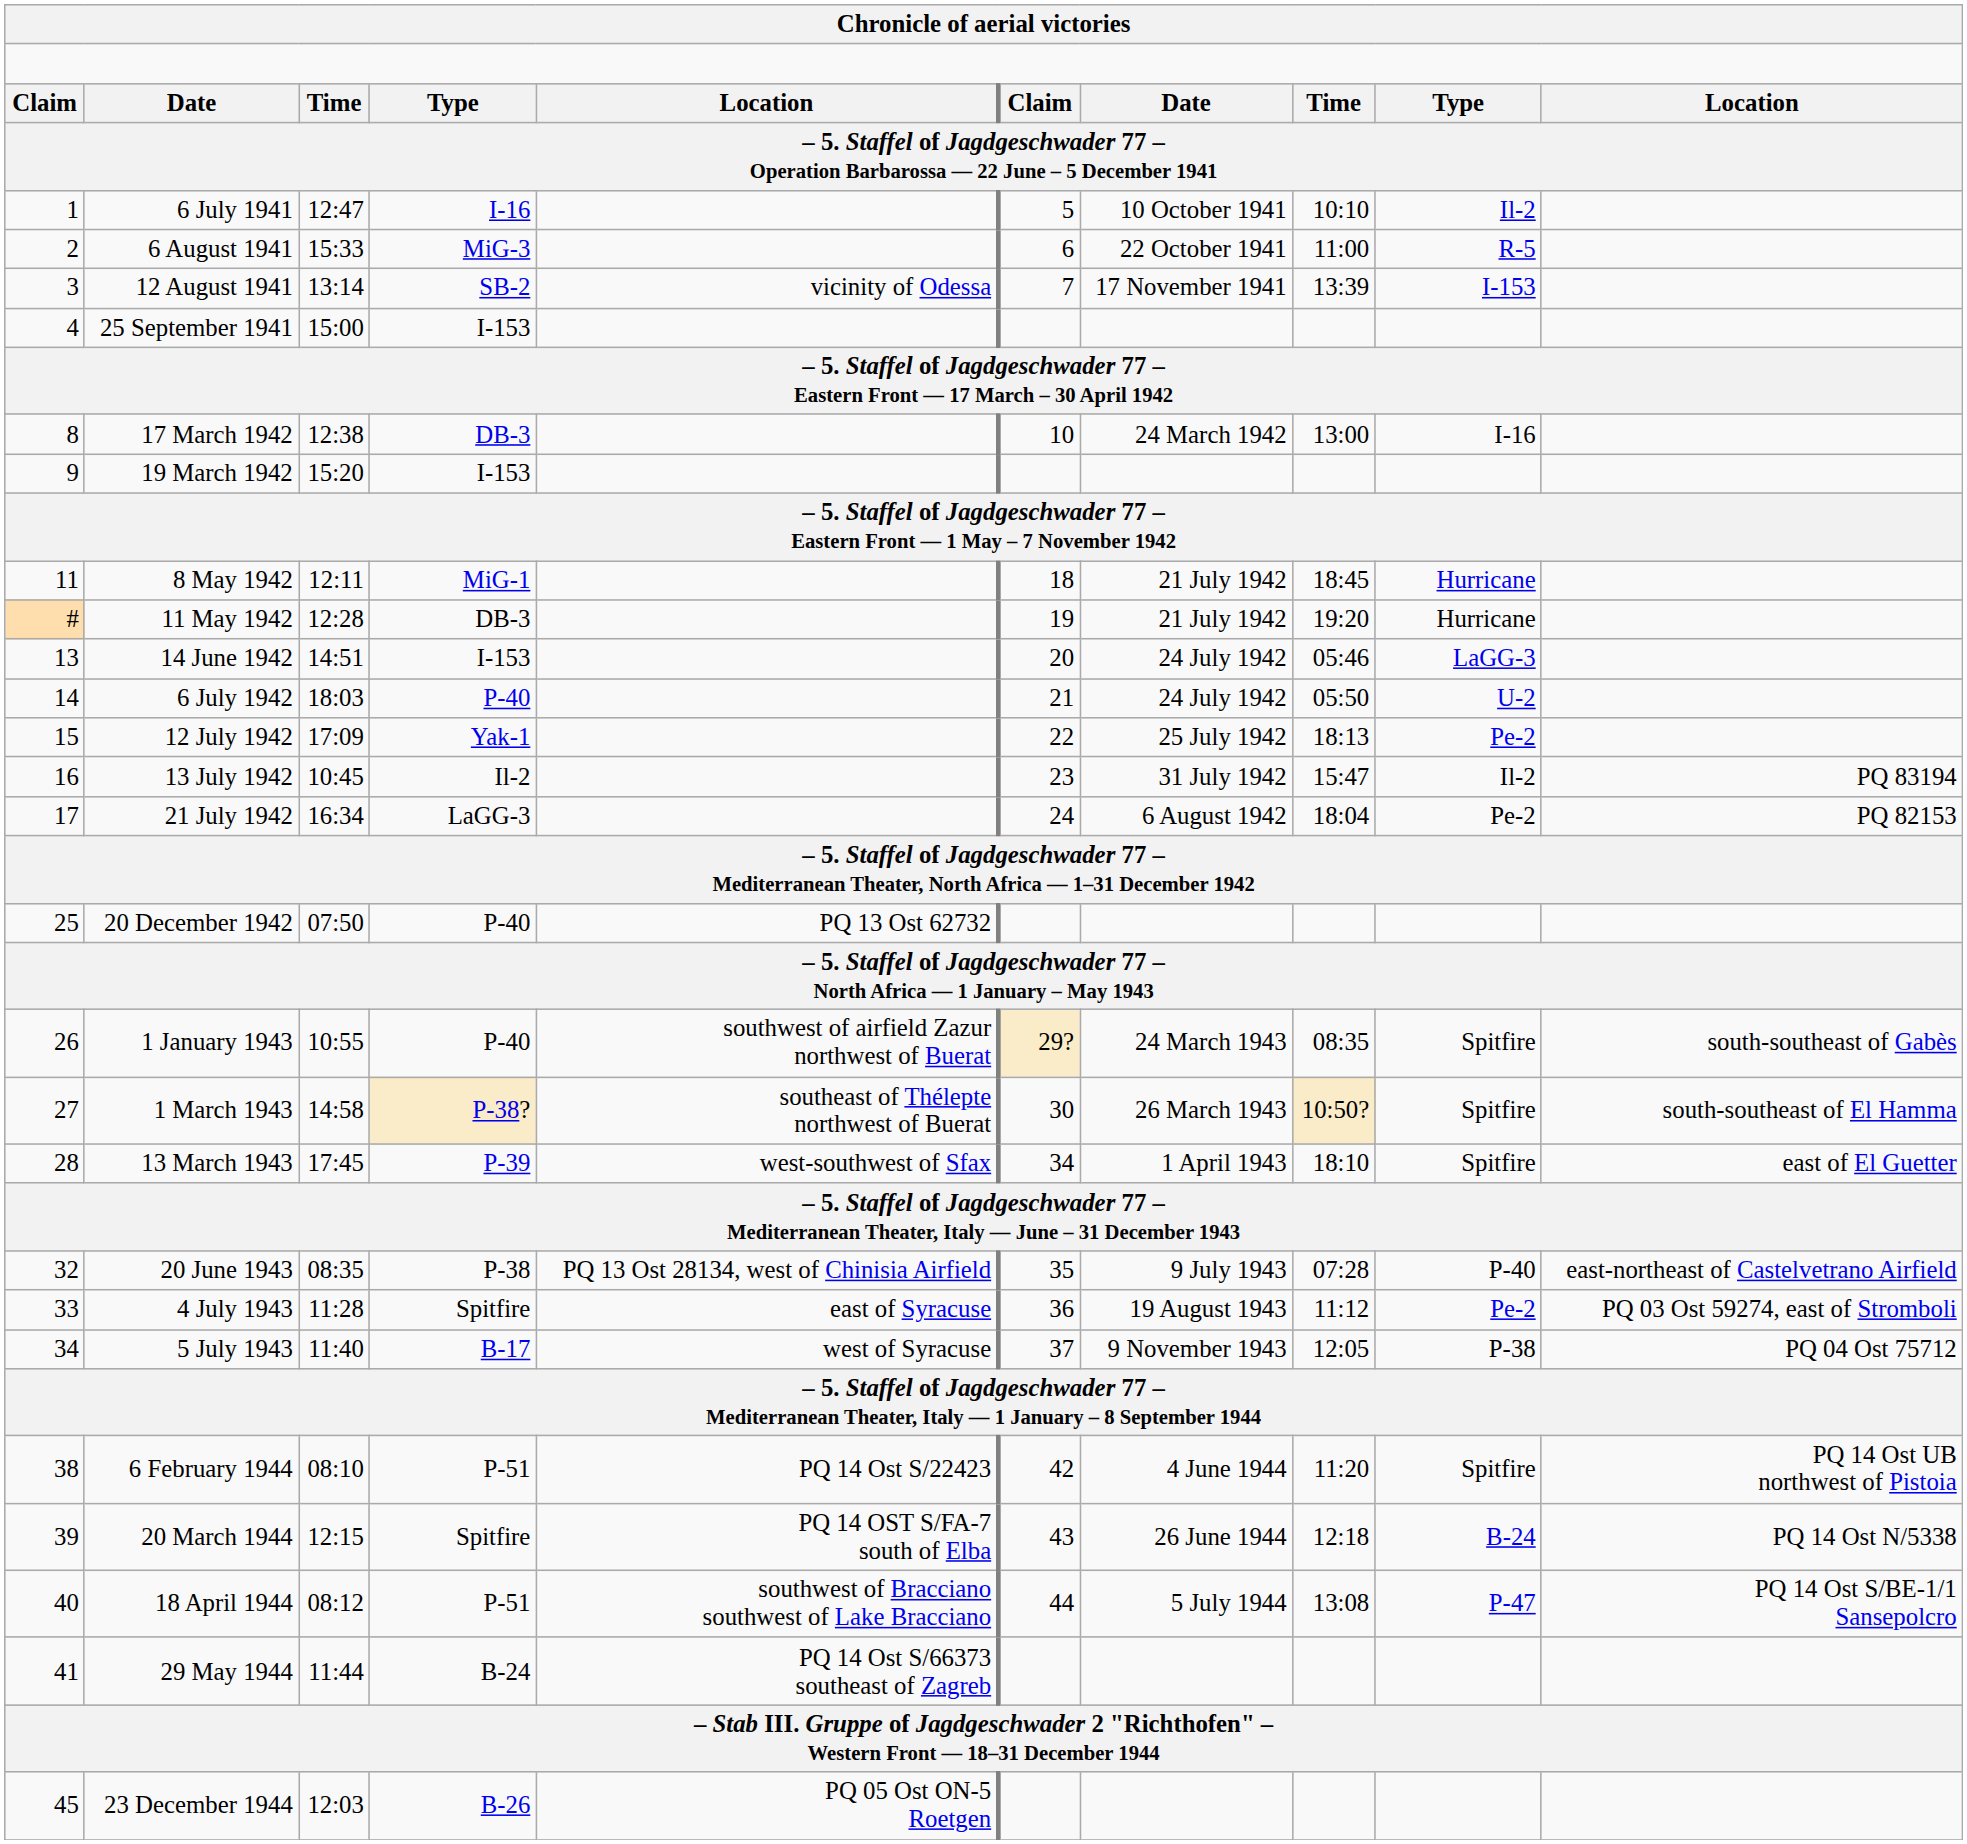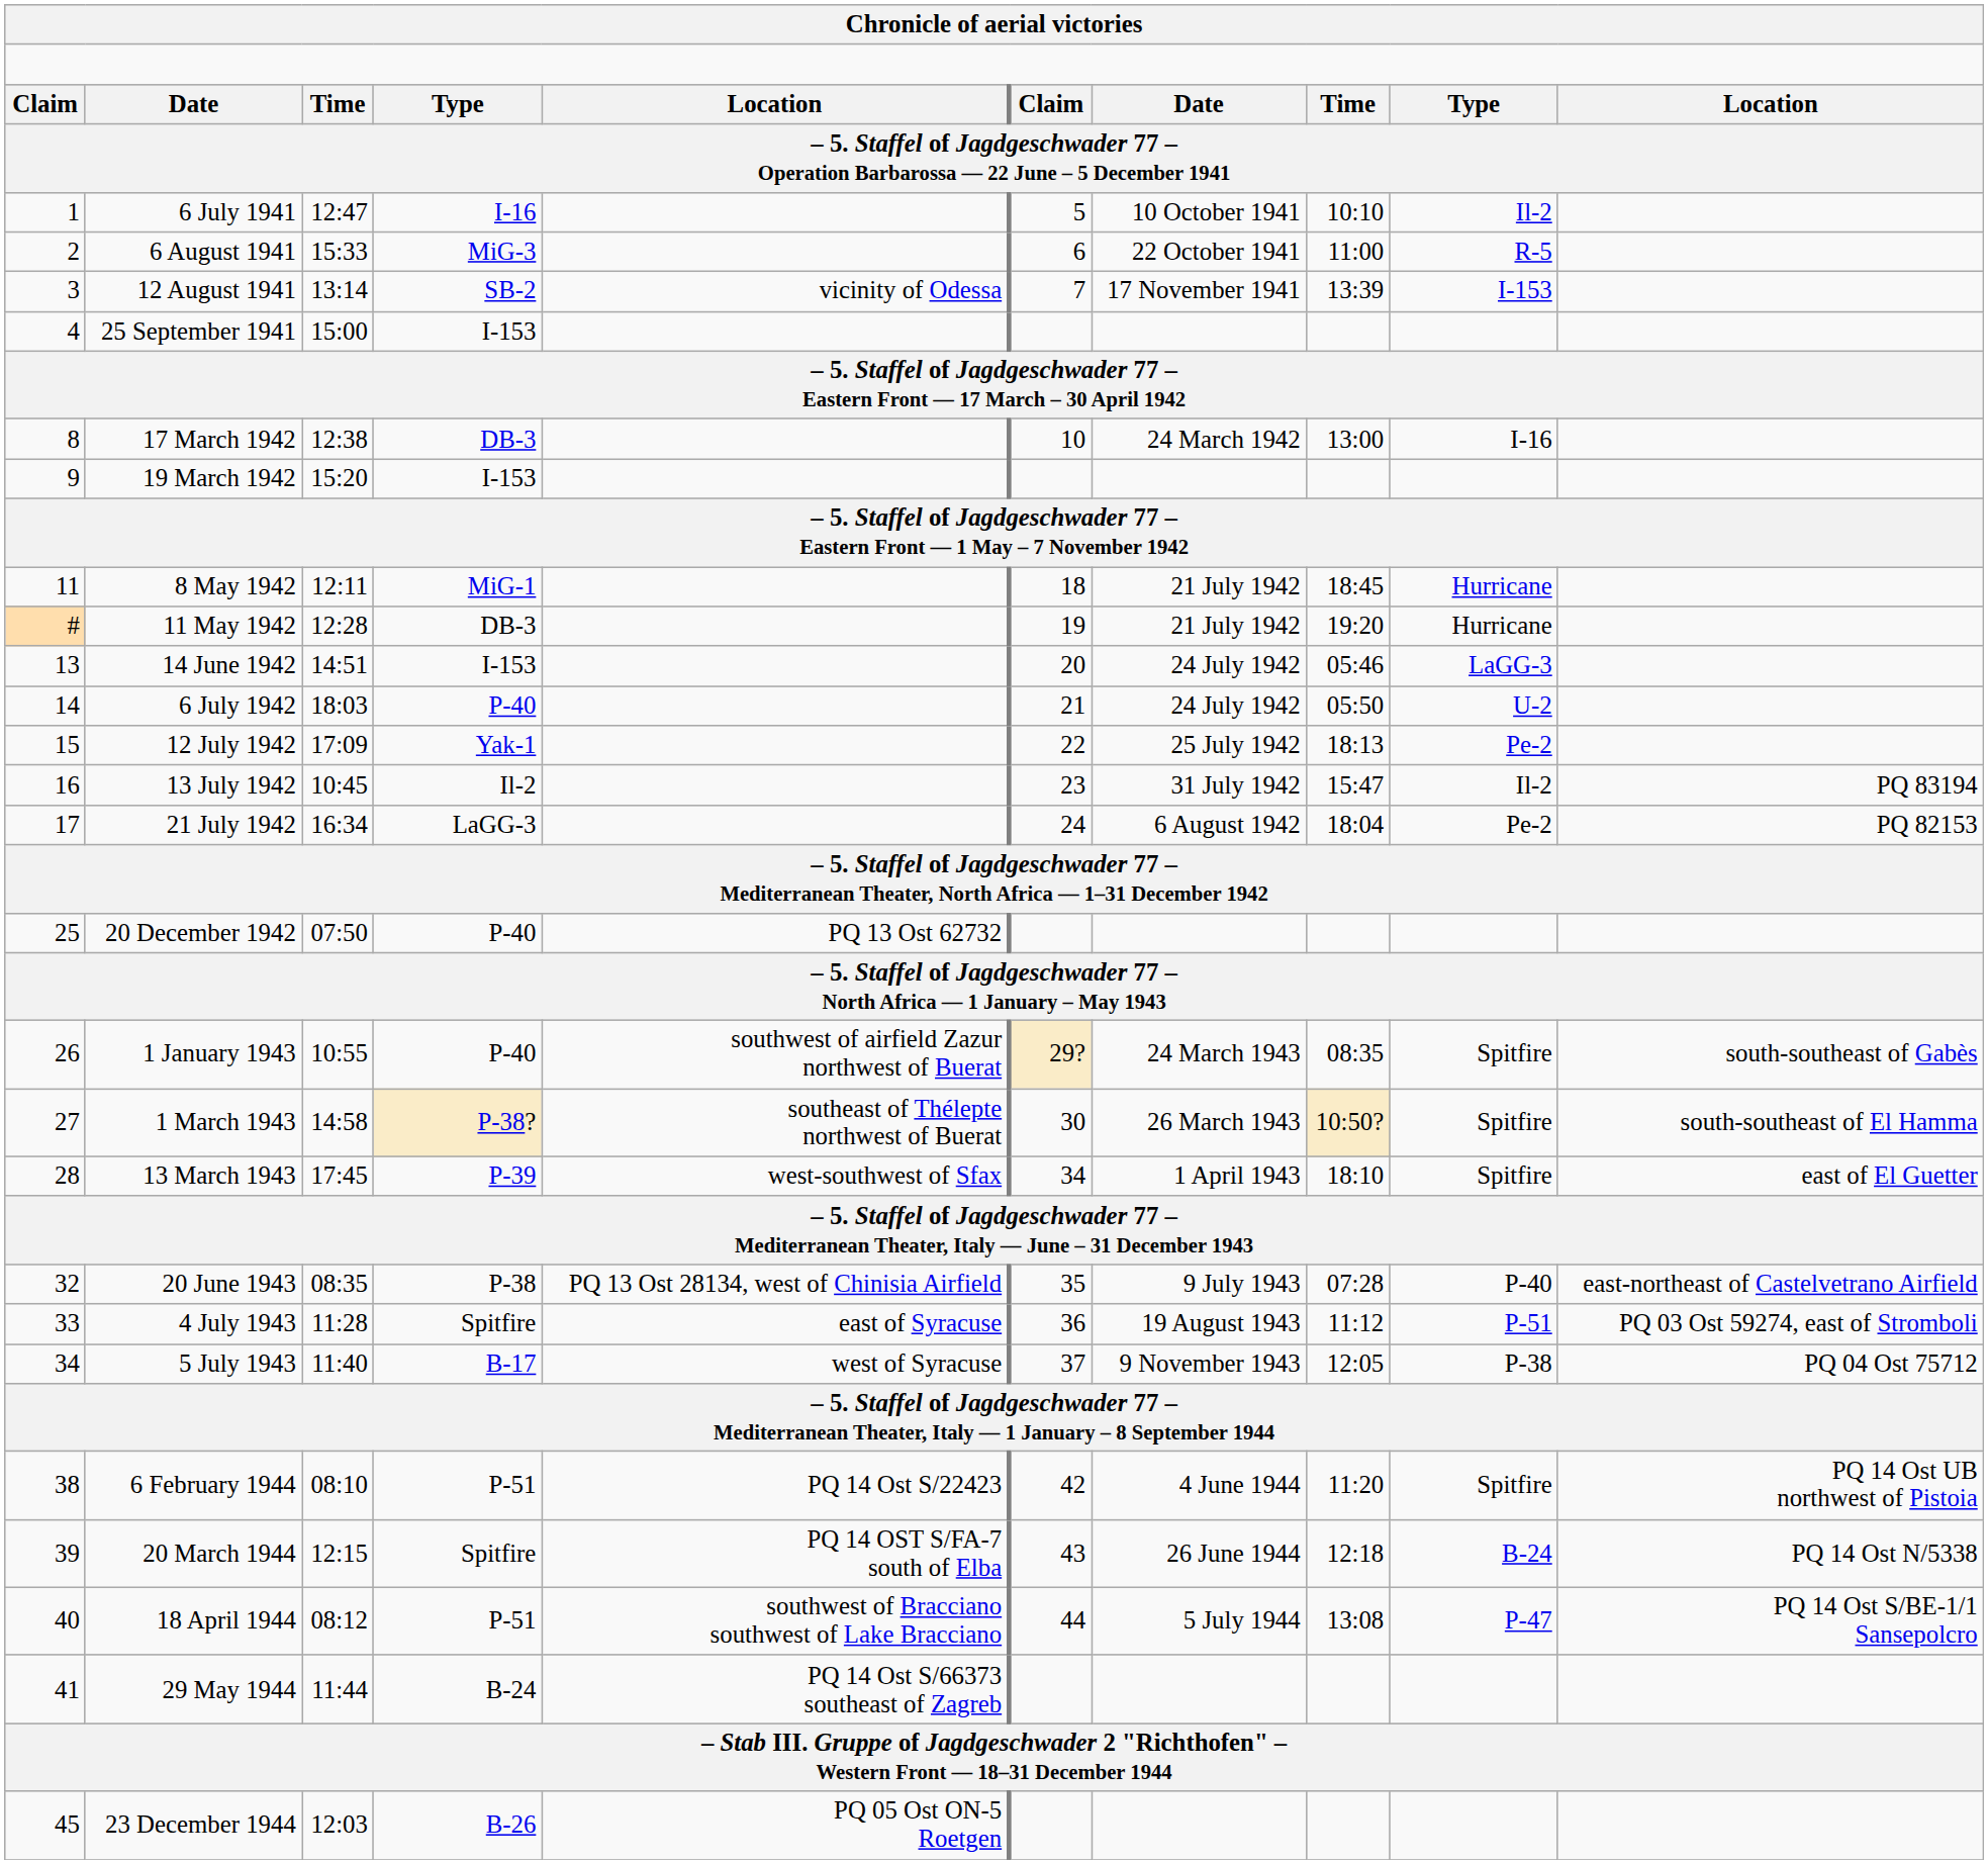 <table class="wikitable plainrowheaders collapsible" style="margin-left: auto; margin-right: auto; border: none; text-align:right; width: 100%;">
 <tr>
 <th colspan="10">Chronicle of aerial victories</th>
 </tr>
 <tr>
 <td colspan="10" style="text-align: left;"><br> </td>
 </tr>
 <tr>
 <th scope="col">Claim</th>
 <th scope="col">Date</th>
 <th scope="col">Time</th>
 <th scope="col" width="100px">Type</th>
 <th scope="col">Location</th>
 <th scope="col" style="border-left: 3px solid grey;">Claim</th>
 <th scope="col">Date</th>
 <th scope="col">Time</th>
 <th scope="col" width="100px">Type</th>
 <th scope="col">Location</th>
 </tr>
 <tr>
 <th colspan="10">– 5. <em>Staffel</em> of <em>Jagdgeschwader</em> 77 –<br><small>Operation Barbarossa — 22 June – 5 December 1941</small></th>
 </tr>
 <tr>
 <td>1</td>
 <td>6 July 1941</td>
 <td>12:47</td>
 <td><a href='#'>I-16</a></td>
 <td></td>
 <td style="border-left: 3px solid grey;">5</td>
 <td>10 October 1941</td>
 <td>10:10</td>
 <td><a href='#'>Il-2</a></td>
 <td></td>
 </tr>
 <tr>
 <td>2</td>
 <td>6 August 1941</td>
 <td>15:33</td>
 <td><a href='#'>MiG-3</a></td>
 <td></td>
 <td style="border-left: 3px solid grey;">6</td>
 <td>22 October 1941</td>
 <td>11:00</td>
 <td><a href='#'>R-5</a></td>
 <td></td>
 </tr>
 <tr>
 <td>3</td>
 <td>12 August 1941</td>
 <td>13:14</td>
 <td><a href='#'>SB-2</a></td>
 <td>vicinity of <a href='#'>Odessa</a></td>
 <td style="border-left: 3px solid grey;">7</td>
 <td>17 November 1941</td>
 <td>13:39</td>
 <td><a href='#'>I-153</a></td>
 <td></td>
 </tr>
 <tr>
 <td>4</td>
 <td>25 September 1941</td>
 <td>15:00</td>
 <td>I-153</td>
 <td></td>
 <td style="border-left: 3px solid grey;"></td>
 <td></td>
 <td></td>
 <td></td>
 <td></td>
 </tr>
 <tr>
 <th colspan="10">– 5. <em>Staffel</em> of <em>Jagdgeschwader</em> 77 –<br><small>Eastern Front — 17 March – 30 April 1942</small></th>
 </tr>
 <tr>
 <td>8</td>
 <td>17 March 1942</td>
 <td>12:38</td>
 <td><a href='#'>DB-3</a></td>
 <td></td>
 <td style="border-left: 3px solid grey;">10</td>
 <td>24 March 1942</td>
 <td>13:00</td>
 <td>I-16</td>
 <td></td>
 </tr>
 <tr>
 <td>9</td>
 <td>19 March 1942</td>
 <td>15:20</td>
 <td>I-153</td>
 <td></td>
 <td style="border-left: 3px solid grey;"></td>
 <td></td>
 <td></td>
 <td></td>
 <td></td>
 </tr>
 <tr>
 <th colspan="10">– 5. <em>Staffel</em> of <em>Jagdgeschwader</em> 77 –<br><small>Eastern Front — 1 May – 7 November 1942</small></th>
 </tr>
 <tr>
 <td>11</td>
 <td>8 May 1942</td>
 <td>12:11</td>
 <td><a href='#'>MiG-1</a></td>
 <td></td>
 <td style="border-left: 3px solid grey;">18</td>
 <td>21 July 1942</td>
 <td>18:45</td>
 <td><a href='#'>Hurricane</a></td>
 <td></td>
 </tr>
 <tr>
 <td style="background:#ffdead">#</td>
 <td>11 May 1942</td>
 <td>12:28</td>
 <td>DB-3</td>
 <td></td>
 <td style="border-left: 3px solid grey;">19</td>
 <td>21 July 1942</td>
 <td>19:20</td>
 <td>Hurricane</td>
 <td></td>
 </tr>
 <tr>
 <td>13</td>
 <td>14 June 1942</td>
 <td>14:51</td>
 <td>I-153</td>
 <td></td>
 <td style="border-left: 3px solid grey;">20</td>
 <td>24 July 1942</td>
 <td>05:46</td>
 <td><a href='#'>LaGG-3</a></td>
 <td></td>
 </tr>
 <tr>
 <td>14</td>
 <td>6 July 1942</td>
 <td>18:03</td>
 <td><a href='#'>P-40</a></td>
 <td></td>
 <td style="border-left: 3px solid grey;">21</td>
 <td>24 July 1942</td>
 <td>05:50</td>
 <td><a href='#'>U-2</a></td>
 <td></td>
 </tr>
 <tr>
 <td>15</td>
 <td>12 July 1942</td>
 <td>17:09</td>
 <td><a href='#'>Yak-1</a></td>
 <td></td>
 <td style="border-left: 3px solid grey;">22</td>
 <td>25 July 1942</td>
 <td>18:13</td>
 <td><a href='#'>Pe-2</a></td>
 <td></td>
 </tr>
 <tr>
 <td>16</td>
 <td>13 July 1942</td>
 <td>10:45</td>
 <td>Il-2</td>
 <td></td>
 <td style="border-left: 3px solid grey;">23</td>
 <td>31 July 1942</td>
 <td>15:47</td>
 <td>Il-2</td>
 <td>PQ 83194</td>
 </tr>
 <tr>
 <td>17</td>
 <td>21 July 1942</td>
 <td>16:34</td>
 <td>LaGG-3</td>
 <td></td>
 <td style="border-left: 3px solid grey;">24</td>
 <td>6 August 1942</td>
 <td>18:04</td>
 <td>Pe-2</td>
 <td>PQ 82153</td>
 </tr>
 <tr>
 <th colspan="10">– 5. <em>Staffel</em> of <em>Jagdgeschwader</em> 77 –<br><small>Mediterranean Theater, North Africa — 1–31 December 1942</small></th>
 </tr>
 <tr>
 <td>25</td>
 <td>20 December 1942</td>
 <td>07:50</td>
 <td>P-40</td>
 <td>PQ 13 Ost 62732</td>
 <td style="border-left: 3px solid grey;"></td>
 <td></td>
 <td></td>
 <td></td>
 <td></td>
 </tr>
 <tr>
 <th colspan="10">– 5. <em>Staffel</em> of <em>Jagdgeschwader</em> 77 –<br><small>North Africa — 1 January – May 1943</small></th>
 </tr>
 <tr>
 <td>26</td>
 <td>1 January 1943</td>
 <td>10:55</td>
 <td>P-40</td>
 <td> southwest of airfield Zazur<br> northwest of <a href='#'>Buerat</a></td>
 <td style="border-left: 3px solid grey; background:#faecc8">29?</td>
 <td>24 March 1943</td>
 <td>08:35</td>
 <td>Spitfire</td>
 <td> south-southeast of <a href='#'>Gabès</a></td>
 </tr>
 <tr>
 <td>27</td>
 <td>1 March 1943</td>
 <td>14:58</td>
 <td style="background:#faecc8"><a href='#'>P-38</a>?</td>
 <td>southeast of <a href='#'>Thélepte</a><br> northwest of Buerat</td>
 <td style="border-left: 3px solid grey;">30</td>
 <td>26 March 1943</td>
 <td style="background:#faecc8">10:50?</td>
 <td>Spitfire</td>
 <td> south-southeast of <a href='#'>El Hamma</a></td>
 </tr>
 <tr>
 <td>28</td>
 <td>13 March 1943</td>
 <td>17:45</td>
 <td><a href='#'>P-39</a></td>
 <td> west-southwest of <a href='#'>Sfax</a></td>
 <td style="border-left: 3px solid grey;">34</td>
 <td>1 April 1943</td>
 <td>18:10</td>
 <td>Spitfire</td>
 <td> east of <a href='#'>El Guetter</a></td>
 </tr>
 <tr>
 <th colspan="10">– 5. <em>Staffel</em> of <em>Jagdgeschwader</em> 77 –<br><small>Mediterranean Theater, Italy — June – 31 December 1943</small></th>
 </tr>
 <tr>
 <td>32</td>
 <td>20 June 1943</td>
 <td>08:35</td>
 <td>P-38</td>
 <td>PQ 13 Ost 28134, west of <a href='#'>Chinisia Airfield</a></td>
 <td style="border-left: 3px solid grey;">35</td>
 <td>9 July 1943</td>
 <td>07:28</td>
 <td>P-40</td>
 <td> east-northeast of <a href='#'>Castelvetrano Airfield</a></td>
 </tr>
 <tr>
 <td>33</td>
 <td>4 July 1943</td>
 <td>11:28</td>
 <td>Spitfire</td>
 <td> east of <a href='#'>Syracuse</a></td>
 <td style="border-left: 3px solid grey;">36</td>
 <td>19 August 1943</td>
 <td>11:12</td>
-<td><a href='#'>Pe-2</a></td>
+<td><a href='#'>P-51</a></td>
 <td>PQ 03 Ost 59274, east of <a href='#'>Stromboli</a></td>
 </tr>
 <tr>
 <td>34</td>
 <td>5 July 1943</td>
 <td>11:40</td>
 <td><a href='#'>B-17</a></td>
 <td> west of Syracuse</td>
 <td style="border-left: 3px solid grey;">37</td>
 <td>9 November 1943</td>
 <td>12:05</td>
 <td>P-38</td>
 <td>PQ 04 Ost 75712</td>
 </tr>
 <tr>
 <th colspan="10">– 5. <em>Staffel</em> of <em>Jagdgeschwader</em> 77 –<br><small>Mediterranean Theater, Italy — 1 January – 8 September 1944</small></th>
 </tr>
 <tr>
 <td>38</td>
 <td>6 February 1944</td>
 <td>08:10</td>
 <td>P-51</td>
 <td>PQ 14 Ost S/22423</td>
 <td style="border-left: 3px solid grey;">42</td>
 <td>4 June 1944</td>
 <td>11:20</td>
 <td>Spitfire</td>
 <td>PQ 14 Ost UB<br>northwest of <a href='#'>Pistoia</a></td>
 </tr>
 <tr>
 <td>39</td>
 <td>20 March 1944</td>
 <td>12:15</td>
 <td>Spitfire</td>
 <td>PQ 14 OST S/FA-7<br>south of <a href='#'>Elba</a></td>
 <td style="border-left: 3px solid grey;">43</td>
 <td>26 June 1944</td>
 <td>12:18</td>
 <td><a href='#'>B-24</a></td>
 <td>PQ 14 Ost N/5338</td>
 </tr>
 <tr>
 <td>40</td>
 <td>18 April 1944</td>
 <td>08:12</td>
 <td>P-51</td>
 <td> southwest of <a href='#'>Bracciano</a><br>southwest of <a href='#'>Lake Bracciano</a></td>
 <td style="border-left: 3px solid grey;">44</td>
 <td>5 July 1944</td>
 <td>13:08</td>
 <td><a href='#'>P-47</a></td>
 <td>PQ 14 Ost	S/BE-1/1<br><a href='#'>Sansepolcro</a></td>
 </tr>
 <tr>
 <td>41</td>
 <td>29 May 1944</td>
 <td>11:44</td>
 <td>B-24</td>
 <td>PQ 14 Ost S/66373<br>southeast of <a href='#'>Zagreb</a></td>
 <td style="border-left: 3px solid grey;"></td>
 <td></td>
 <td></td>
 <td></td>
 <td></td>
 </tr>
 <tr>
 <th colspan="10">– <em>Stab</em> III. <em>Gruppe</em> of <em>Jagdgeschwader</em> 2 "Richthofen" –<br><small>Western Front — 18–31 December 1944</small></th>
 </tr>
 <tr>
 <td>45</td>
 <td>23 December 1944</td>
 <td>12:03</td>
 <td><a href='#'>B-26</a></td>
 <td>PQ 05 Ost ON-5 <br><a href='#'>Roetgen</a></td>
 <td style="border-left: 3px solid grey;"></td>
 <td></td>
 <td></td>
 <td></td>
 <td></td>
 </tr>
 </table>
